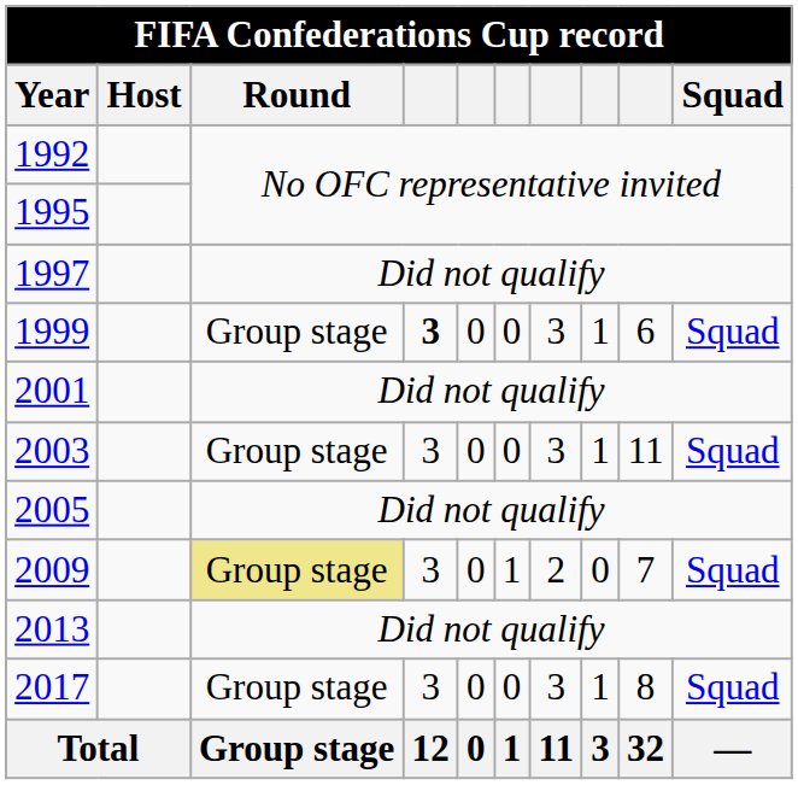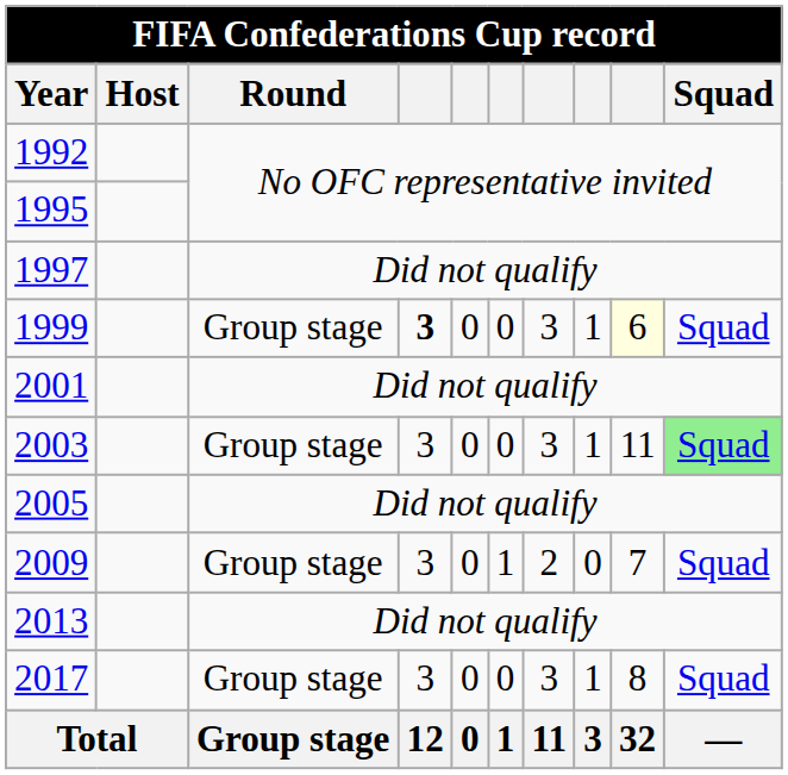 <table class="wikitable" style="text-align: center;font-size:100%;">
 <tr>
 <th style="color:white;background:black" colspan="10">FIFA Confederations Cup record</th>
 </tr>
 <tr>
 <th scope="col">Year</th>
 <th scope="col">Host</th>
 <th scope="col">Round</th>
 <th scope="col"></th>
 <th scope="col"></th>
 <th scope="col"></th>
 <th scope="col"></th>
 <th scope="col"></th>
 <th scope="col"></th>
 <th scope="col">Squad</th>
 </tr>
 <tr>
 <td><a href='#'>1992</a></td>
 <td align=left></td>
 <td colspan="8" rowspan=2><em>No OFC representative invited</em></td>
 </tr>
 <tr>
 <td><a href='#'>1995</a></td>
 <td align=left></td>
 </tr>
 <tr>
 <td><a href='#'>1997</a></td>
 <td align=left></td>
 <td colspan="8"><em>Did not qualify</em></td>
 </tr>
 <tr>
 <td><a href='#'>1999</a></td>
 <td align=left></td>
 <td>Group stage</td>
 <td><strong>3</strong></td>
 <td>0</td>
 <td>0</td>
 <td>3</td>
 <td>1</td>
-<td>6</td>
+<td style="background: lightyellow;">6</td>
 <td><a href='#'>Squad</a></td>
 </tr>
 <tr>
 <td><a href='#'>2001</a></td>
 <td align=left><br></td>
 <td colspan="8"><em>Did not qualify</em></td>
 </tr>
 <tr>
 <td><a href='#'>2003</a></td>
 <td align=left></td>
 <td>Group stage</td>
 <td>3</td>
 <td>0</td>
 <td>0</td>
 <td>3</td>
 <td>1</td>
 <td>11</td>
-<td><a href='#'>Squad</a></td>
+<td style="background: lightgreen;"><a href='#'>Squad</a></td>
 </tr>
 <tr>
 <td><a href='#'>2005</a></td>
 <td align=left></td>
 <td colspan="9"><em>Did not qualify</em></td>
 </tr>
 <tr>
 <td><a href='#'>2009</a></td>
 <td align=left></td>
-<td style="background: khaki;">Group stage</td>
+<td>Group stage</td>
 <td>3</td>
 <td>0</td>
 <td>1</td>
 <td>2</td>
 <td>0</td>
 <td>7</td>
 <td><a href='#'>Squad</a></td>
 </tr>
 <tr>
 <td><a href='#'>2013</a></td>
 <td align=left></td>
 <td colspan="9"><em>Did not qualify</em></td>
 </tr>
 <tr>
 <td><a href='#'>2017</a></td>
 <td align=left></td>
 <td>Group stage</td>
 <td>3</td>
 <td>0</td>
 <td>0</td>
 <td>3</td>
 <td>1</td>
 <td>8</td>
 <td><a href='#'>Squad</a></td>
 </tr>
 <tr>
 <th colspan="2">Total</th>
 <th>Group stage</th>
 <th>12</th>
 <th>0</th>
 <th>1</th>
 <th>11</th>
 <th>3</th>
 <th>32</th>
 <th>—</th>
 </tr>
 </table>
